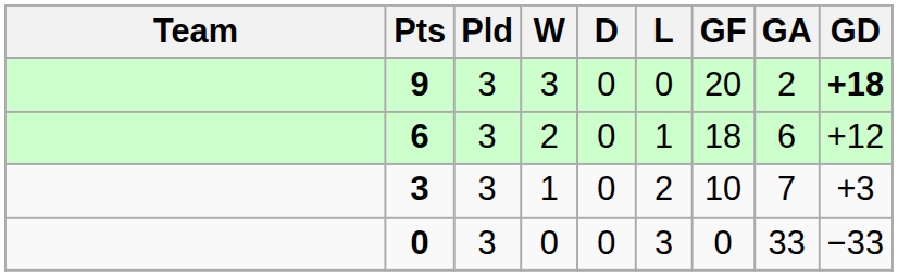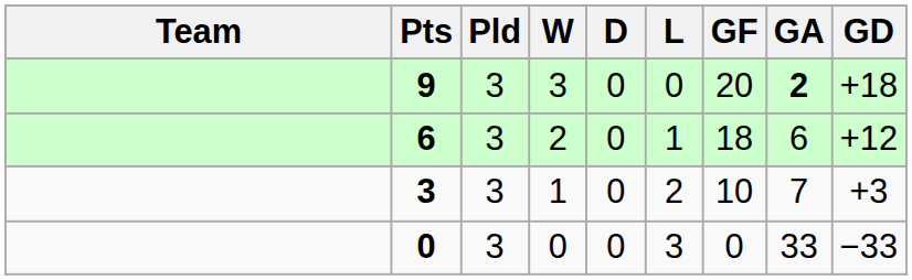 <table class="wikitable" style="text-align: center;">
 <tr>
 <th width=175>Team</th>
 <th width=20 abbr="Points">Pts</th>
 <th width=20 abbr="Played">Pld</th>
 <th width=20 abbr="Won">W</th>
 <th width=20 abbr="Drawn">D</th>
 <th width=20 abbr="Lost">L</th>
 <th width=20 abbr="Goals for">GF</th>
 <th width=20 abbr="Goals against">GA</th>
 <th width=20 abbr="Goal difference">GD</th>
 </tr>
 <tr style="background:#ccffcc;">
 </tr>
 <tr bgcolor=#ccffcc align=center>
 <td style="text-align:left;"></td>
 <td><strong>9</strong></td>
 <td>3</td>
 <td>3</td>
 <td>0</td>
 <td>0</td>
 <td>20</td>
-<td>2</td>
-<td><strong>+18</strong></td>
+<td><strong>2</strong></td>
+<td>+18</td>
 </tr>
 <tr bgcolor=#ccffcc align=center>
 <td style="text-align:left;"></td>
 <td><strong>6</strong></td>
 <td>3</td>
 <td>2</td>
 <td>0</td>
 <td>1</td>
 <td>18</td>
 <td>6</td>
 <td>+12</td>
 </tr>
 <tr align=center>
 <td style="text-align:left;"></td>
 <td><strong>3</strong></td>
 <td>3</td>
 <td>1</td>
 <td>0</td>
 <td>2</td>
 <td>10</td>
 <td>7</td>
 <td>+3</td>
 </tr>
 <tr align=center>
 <td style="text-align:left;"></td>
 <td><strong>0</strong></td>
 <td>3</td>
 <td>0</td>
 <td>0</td>
 <td>3</td>
 <td>0</td>
 <td>33</td>
 <td>−33</td>
 </tr>
 </table>
